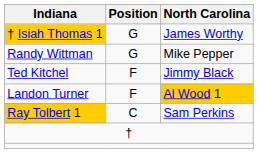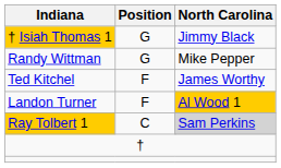 <table class="wikitable">
 <tr>
 <th>Indiana</th>
 <th colspan="2">Position</th>
 <th>North Carolina</th>
 </tr>
 <tr>
 <td style="background:#ffcc00">† <a href='#'>Isiah Thomas</a> 1</td>
 <td colspan=2 style="text-align:center">G</td>
-<td><a href='#'>James Worthy</a></td>
+<td><a href='#'>Jimmy Black</a></td>
 </tr>
 <tr>
 <td><a href='#'>Randy Wittman</a></td>
 <td colspan=2 style="text-align:center">G</td>
 <td>Mike Pepper</td>
 </tr>
 <tr>
 <td><a href='#'>Ted Kitchel</a></td>
 <td colspan=2 style="text-align:center">F</td>
-<td><a href='#'>Jimmy Black</a></td>
+<td><a href='#'>James Worthy</a></td>
 </tr>
 <tr>
 <td><a href='#'>Landon Turner</a></td>
 <td colspan=2 style="text-align:center">F</td>
 <td style="background:#ffcc00"><a href='#'>Al Wood</a> 1</td>
 </tr>
 <tr>
 <td style="background:#ffcc00"><a href='#'>Ray Tolbert</a> 1</td>
 <td colspan=2 style="text-align:center">C</td>
-<td><a href='#'>Sam Perkins</a></td>
+<td style="background: lightgrey;"><a href='#'>Sam Perkins</a></td>
 </tr>
 <tr>
 <td colspan="5" align=center>† </td>
 </tr>
 <tr>
 <td colspan="5" align=center></td>
 </tr>
 </table>
